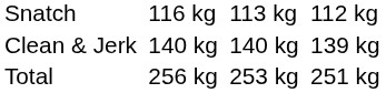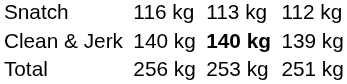 <table>
 <tr>
 <td>Snatch</td>
 <td></td>
 <td>116 kg</td>
 <td></td>
 <td>113 kg</td>
 <td></td>
 <td>112 kg</td>
 </tr>
 <tr>
 <td>Clean & Jerk</td>
 <td></td>
 <td>140 kg</td>
 <td></td>
-<td>140 kg</td>
+<td><strong>140 kg</strong></td>
 <td></td>
 <td>139 kg</td>
 </tr>
 <tr>
 <td>Total</td>
 <td></td>
 <td>256 kg</td>
 <td></td>
 <td>253 kg</td>
 <td></td>
 <td>251 kg</td>
 </tr>
 </table>
